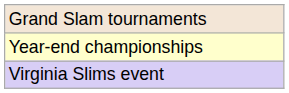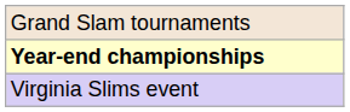 <table class=wikitable  style=font-size:90%;width:18%>
 <tr style="background:#F3E6D7;">
 <td>Grand Slam tournaments</td>
 </tr>
 <tr bgcolor=#ffffcc>
-<td>Year-end championships</td>
+<td><strong>Year-end championships</strong></td>
 </tr>
 <tr bgcolor=#d8cef6>
 <td>Virginia Slims event</td>
 </tr>
 </table>
